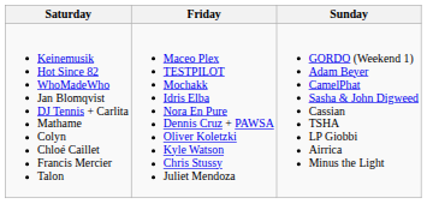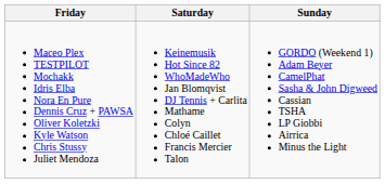 <table class="wikitable">
 <tr>
+<th>Friday</th>
 <th>Saturday</th>
-<th>Friday</th>
 <th>Sunday</th>
 </tr>
 <tr valign="top">
+<td><br><ul><li><a href='#'>Maceo Plex</a></li><li><a href='#'>TESTPILOT</a></li><li><a href='#'>Mochakk</a></li><li><a href='#'>Idris Elba</a></li><li><a href='#'>Nora En Pure</a></li><li><a href='#'>Dennis Cruz</a> + <a href='#'>PAWSA</a></li><li><a href='#'>Oliver Koletzki</a></li><li><a href='#'>Kyle Watson</a></li><li><a href='#'>Chris Stussy</a></li><li>Juliet Mendoza</li></ul></td>
 <td><br><ul><li><a href='#'>Keinemusik</a></li><li><a href='#'>Hot Since 82</a></li><li><a href='#'>WhoMadeWho</a></li><li>Jan Blomqvist</li><li><a href='#'>DJ Tennis</a> + Carlita</li><li>Mathame</li><li>Colyn</li><li>Chloé Caillet</li><li>Francis Mercier</li><li>Talon</li></ul></td>
-<td><br><ul><li><a href='#'>Maceo Plex</a></li><li><a href='#'>TESTPILOT</a></li><li><a href='#'>Mochakk</a></li><li><a href='#'>Idris Elba</a></li><li><a href='#'>Nora En Pure</a></li><li><a href='#'>Dennis Cruz</a> + <a href='#'>PAWSA</a></li><li><a href='#'>Oliver Koletzki</a></li><li><a href='#'>Kyle Watson</a></li><li><a href='#'>Chris Stussy</a></li><li>Juliet Mendoza</li></ul></td>
 <td><br><ul><li><a href='#'>GORDO</a> (Weekend 1)</li><li><a href='#'>Adam Beyer</a></li><li><a href='#'>CamelPhat</a></li><li><a href='#'>Sasha & John Digweed</a></li><li>Cassian</li><li>TSHA</li><li>LP Giobbi</li><li>Airrica</li><li>Minus the Light</li></ul></td>
 </tr>
 </table>
